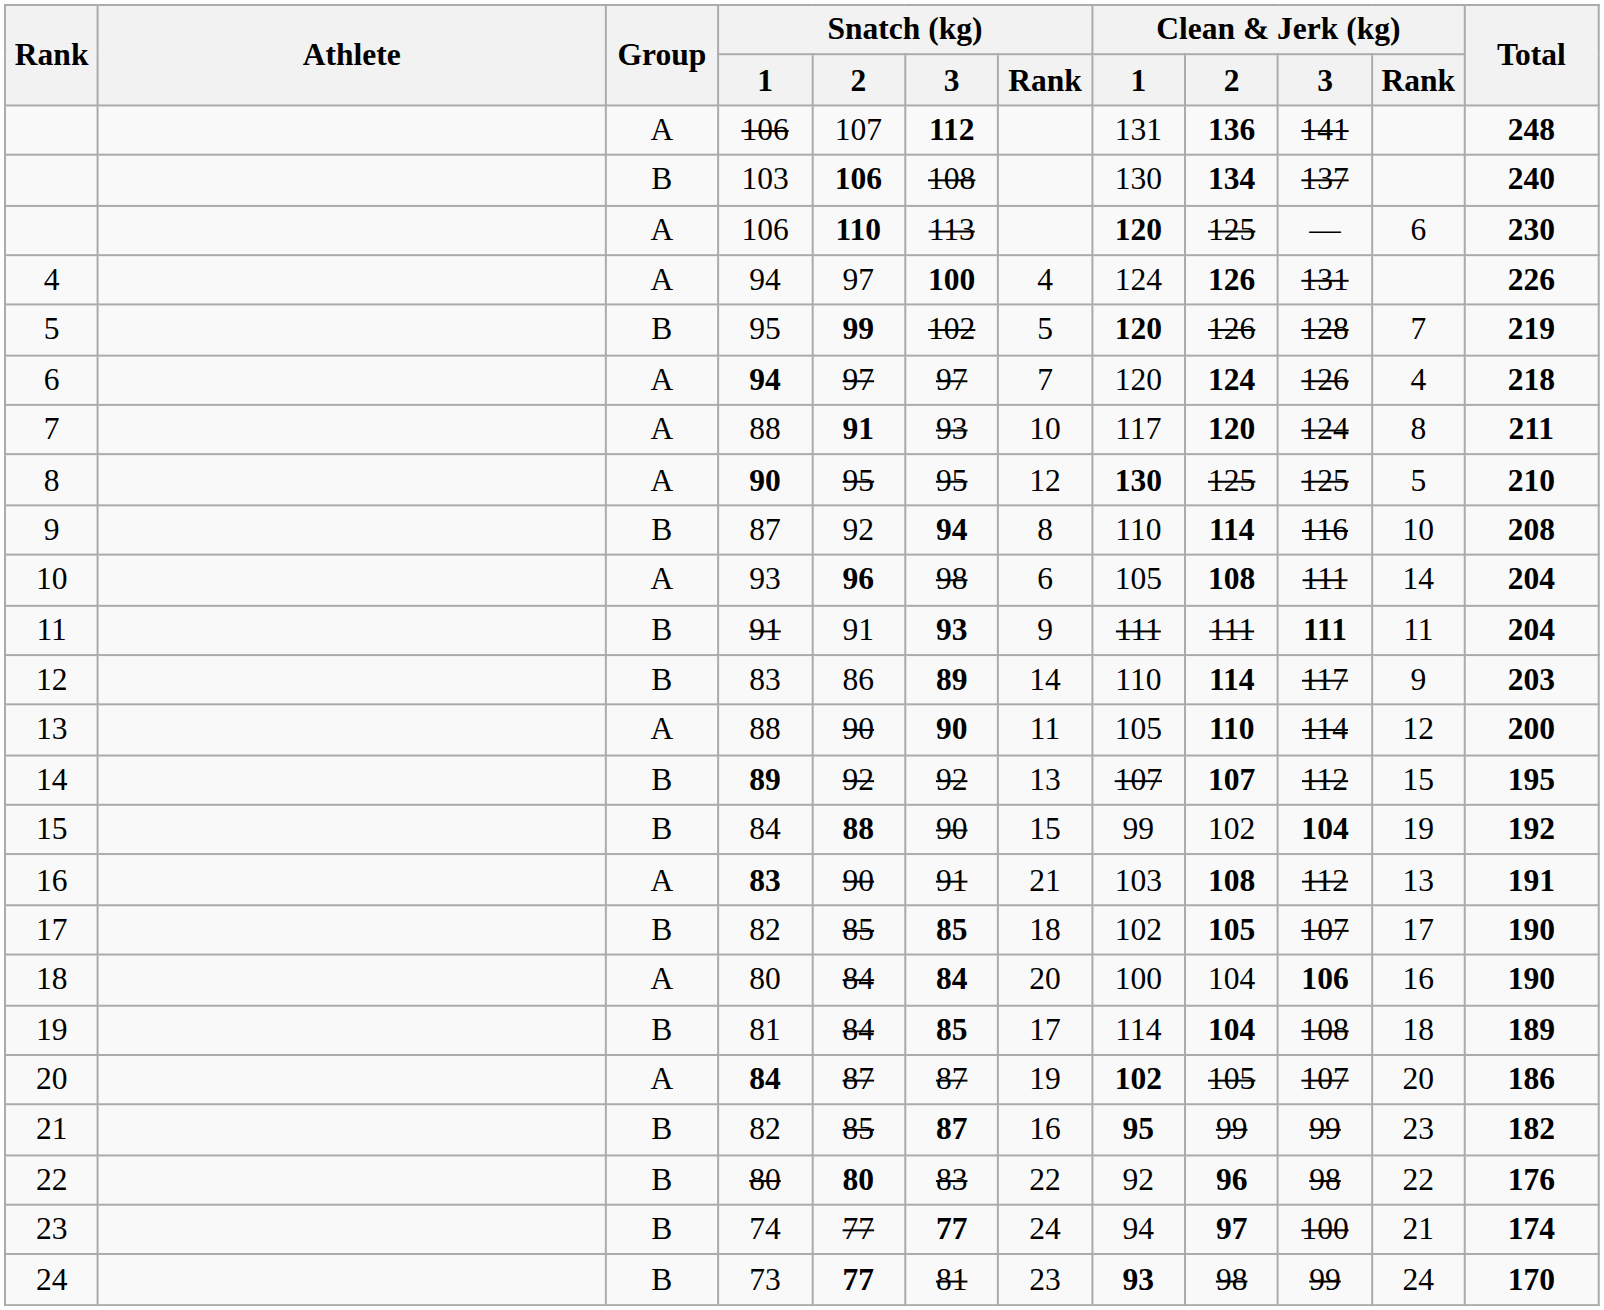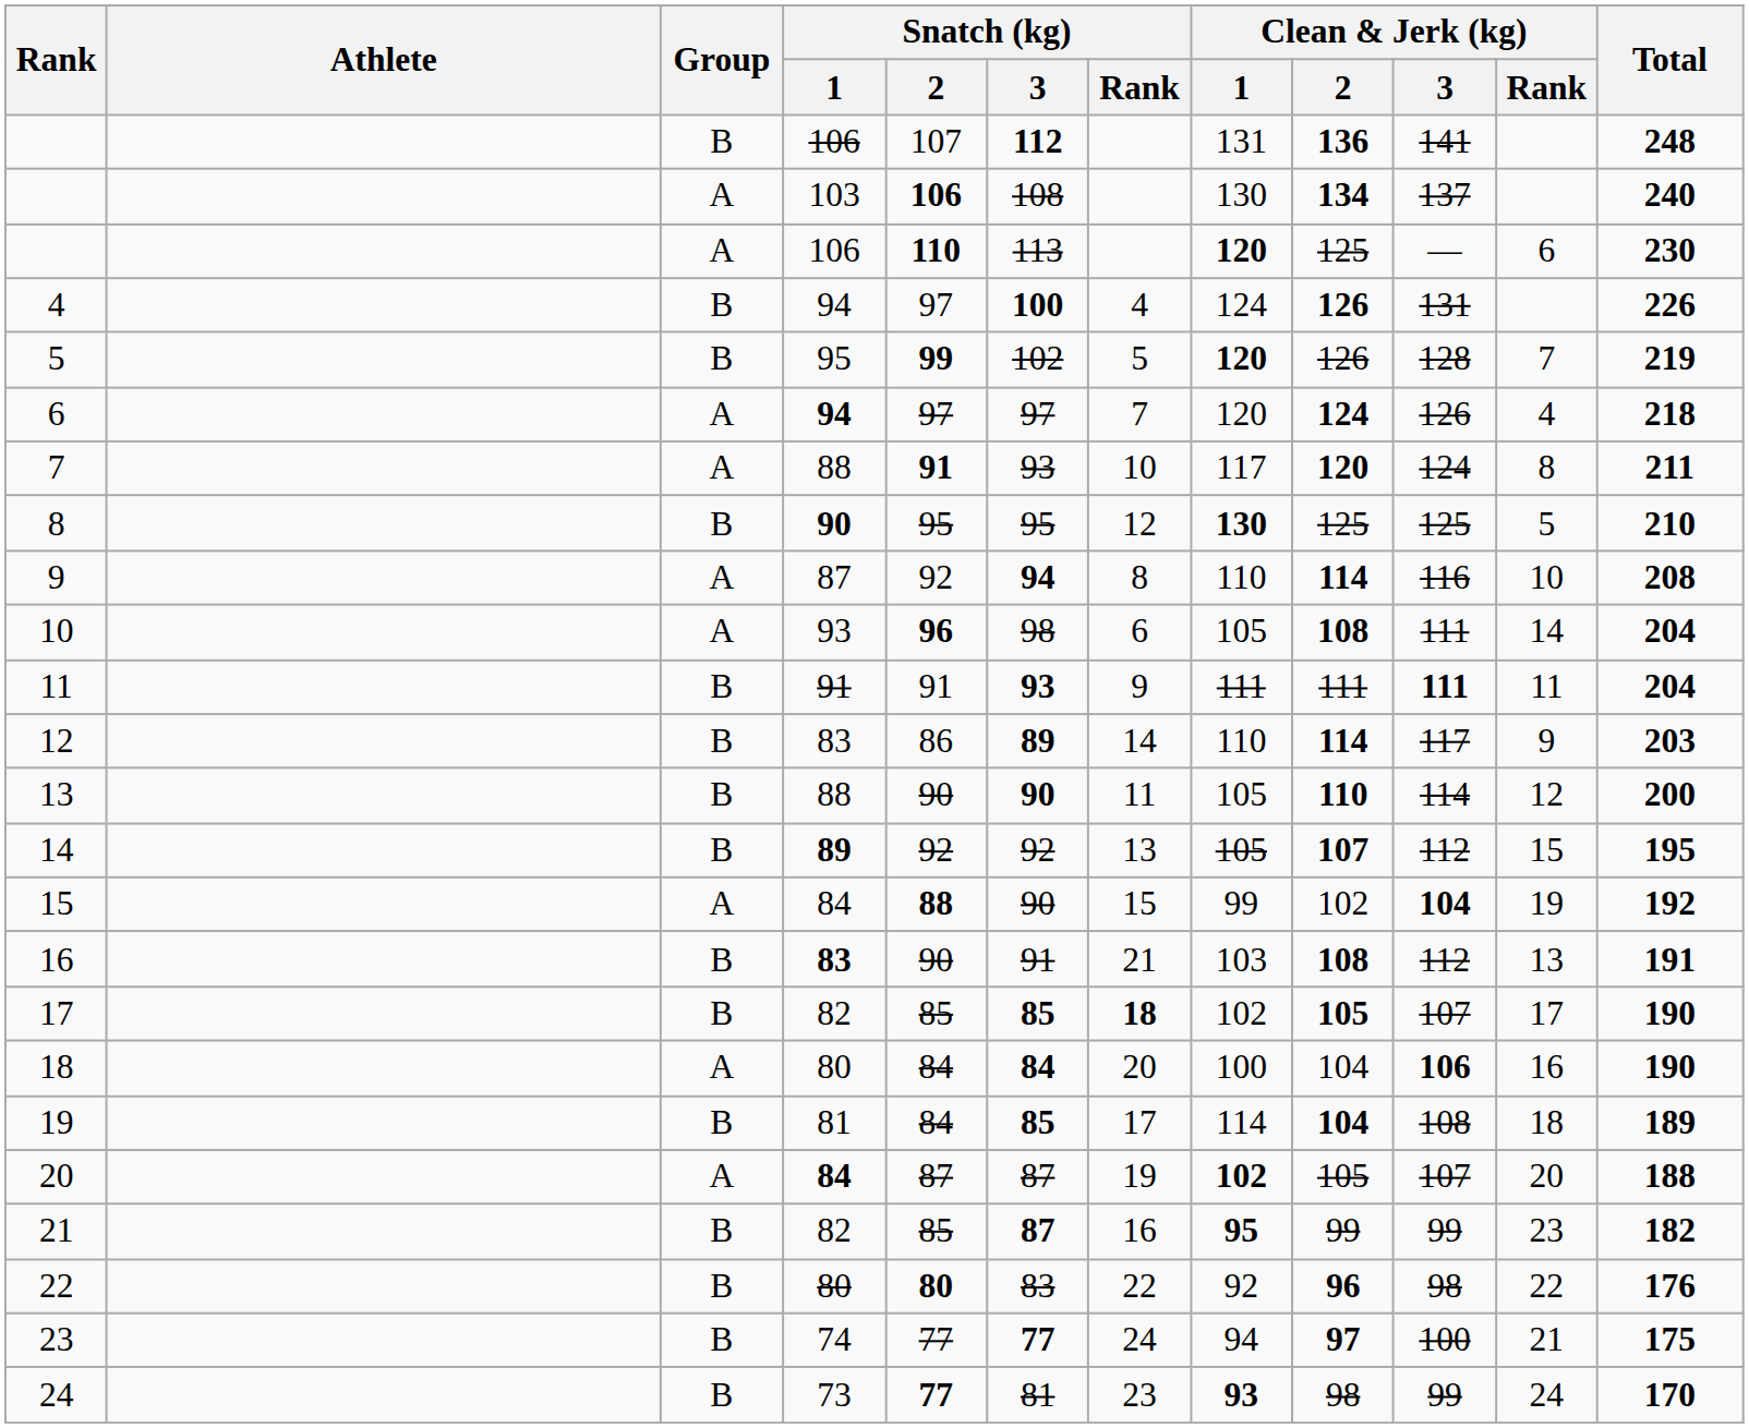 <table class = "wikitable" style="text-align:center;">
 <tr>
 <th rowspan=2 width=40>Rank</th>
 <th rowspan=2 width=250>Athlete</th>
 <th rowspan=2 width=50>Group</th>
 <th colspan=4>Snatch (kg)</th>
 <th colspan=4>Clean & Jerk (kg)</th>
 <th rowspan=2 width=60>Total</th>
 </tr>
 <tr>
 <th width=40>1</th>
 <th width=40>2</th>
 <th width=40>3</th>
 <th width=40>Rank</th>
 <th width=40>1</th>
 <th width=40>2</th>
 <th width=40>3</th>
 <th width=40>Rank</th>
 </tr>
 <tr>
 <td></td>
 <td align=left></td>
-<td>A</td>
+<td>B</td>
 <td><s>106</s></td>
 <td>107</td>
 <td><strong>112</strong></td>
 <td></td>
 <td>131</td>
 <td><strong>136</strong></td>
 <td><s>141</s></td>
 <td></td>
 <td><strong>248</strong></td>
 </tr>
 <tr>
 <td></td>
 <td align=left></td>
-<td>B</td>
+<td>A</td>
 <td>103</td>
 <td><strong>106</strong></td>
 <td><s>108</s></td>
 <td></td>
 <td>130</td>
 <td><strong>134</strong></td>
 <td><s>137</s></td>
 <td></td>
 <td><strong>240</strong></td>
 </tr>
 <tr>
 <td></td>
 <td align=left></td>
 <td>A</td>
 <td>106</td>
 <td><strong>110</strong></td>
 <td><s>113</s></td>
 <td></td>
 <td><strong>120</strong></td>
 <td><s>125</s></td>
 <td>—</td>
 <td>6</td>
 <td><strong>230</strong></td>
 </tr>
 <tr>
 <td>4</td>
 <td align=left></td>
-<td>A</td>
+<td>B</td>
 <td>94</td>
 <td>97</td>
 <td><strong>100</strong></td>
 <td>4</td>
 <td>124</td>
 <td><strong>126</strong></td>
 <td><s>131</s></td>
 <td></td>
 <td><strong>226</strong></td>
 </tr>
 <tr>
 <td>5</td>
 <td align=left></td>
 <td>B</td>
 <td>95</td>
 <td><strong>99</strong></td>
 <td><s>102</s></td>
 <td>5</td>
 <td><strong>120</strong></td>
 <td><s>126</s></td>
 <td><s>128</s></td>
 <td>7</td>
 <td><strong>219</strong></td>
 </tr>
 <tr>
 <td>6</td>
 <td align=left></td>
 <td>A</td>
 <td><strong>94</strong></td>
 <td><s>97</s></td>
 <td><s>97</s></td>
 <td>7</td>
 <td>120</td>
 <td><strong>124</strong></td>
 <td><s>126</s></td>
 <td>4</td>
 <td><strong>218</strong></td>
 </tr>
 <tr>
 <td>7</td>
 <td align=left></td>
 <td>A</td>
 <td>88</td>
 <td><strong>91</strong></td>
 <td><s>93</s></td>
 <td>10</td>
 <td>117</td>
 <td><strong>120</strong></td>
 <td><s>124</s></td>
 <td>8</td>
 <td><strong>211</strong></td>
 </tr>
 <tr>
 <td>8</td>
 <td align=left></td>
-<td>A</td>
+<td>B</td>
 <td><strong>90</strong></td>
 <td><s>95</s></td>
 <td><s>95</s></td>
 <td>12</td>
 <td><strong>130</strong></td>
 <td><s>125</s></td>
 <td><s>125</s></td>
 <td>5</td>
 <td><strong>210</strong></td>
 </tr>
 <tr>
 <td>9</td>
 <td align=left></td>
-<td>B</td>
+<td>A</td>
 <td>87</td>
 <td>92</td>
 <td><strong>94</strong></td>
 <td>8</td>
 <td>110</td>
 <td><strong>114</strong></td>
 <td><s>116</s></td>
 <td>10</td>
 <td><strong>208</strong></td>
 </tr>
 <tr>
 <td>10</td>
 <td align=left></td>
 <td>A</td>
 <td>93</td>
 <td><strong>96</strong></td>
 <td><s>98</s></td>
 <td>6</td>
 <td>105</td>
 <td><strong>108</strong></td>
 <td><s>111</s></td>
 <td>14</td>
 <td><strong>204</strong></td>
 </tr>
 <tr>
 <td>11</td>
 <td align=left></td>
 <td>B</td>
 <td><s>91</s></td>
 <td>91</td>
 <td><strong>93</strong></td>
 <td>9</td>
 <td><s>111</s></td>
 <td><s>111</s></td>
 <td><strong>111</strong></td>
 <td>11</td>
 <td><strong>204</strong></td>
 </tr>
 <tr>
 <td>12</td>
 <td align=left></td>
 <td>B</td>
 <td>83</td>
 <td>86</td>
 <td><strong>89</strong></td>
 <td>14</td>
 <td>110</td>
 <td><strong>114</strong></td>
 <td><s>117</s></td>
 <td>9</td>
 <td><strong>203</strong></td>
 </tr>
 <tr>
 <td>13</td>
 <td align=left></td>
-<td>A</td>
+<td>B</td>
 <td>88</td>
 <td><s>90</s></td>
 <td><strong>90</strong></td>
 <td>11</td>
 <td>105</td>
 <td><strong>110</strong></td>
 <td><s>114</s></td>
 <td>12</td>
 <td><strong>200</strong></td>
 </tr>
 <tr>
 <td>14</td>
 <td align=left></td>
 <td>B</td>
 <td><strong>89</strong></td>
 <td><s>92</s></td>
 <td><s>92</s></td>
 <td>13</td>
-<td><s>107</s></td>
+<td><s>105</s></td>
 <td><strong>107</strong></td>
 <td><s>112</s></td>
 <td>15</td>
 <td><strong>195</strong></td>
 </tr>
 <tr>
 <td>15</td>
 <td align=left></td>
-<td>B</td>
+<td>A</td>
 <td>84</td>
 <td><strong>88</strong></td>
 <td><s>90</s></td>
 <td>15</td>
 <td>99</td>
 <td>102</td>
 <td><strong>104</strong></td>
 <td>19</td>
 <td><strong>192</strong></td>
 </tr>
 <tr>
 <td>16</td>
 <td align=left></td>
-<td>A</td>
+<td>B</td>
 <td><strong>83</strong></td>
 <td><s>90</s></td>
 <td><s>91</s></td>
 <td>21</td>
 <td>103</td>
 <td><strong>108</strong></td>
 <td><s>112</s></td>
 <td>13</td>
 <td><strong>191</strong></td>
 </tr>
 <tr>
 <td>17</td>
 <td align=left></td>
 <td>B</td>
 <td>82</td>
 <td><s>85</s></td>
 <td><strong>85</strong></td>
-<td>18</td>
+<td><strong>18</strong></td>
 <td>102</td>
 <td><strong>105</strong></td>
 <td><s>107</s></td>
 <td>17</td>
 <td><strong>190</strong></td>
 </tr>
 <tr>
 <td>18</td>
 <td align=left></td>
 <td>A</td>
 <td>80</td>
 <td><s>84</s></td>
 <td><strong>84</strong></td>
 <td>20</td>
 <td>100</td>
 <td>104</td>
 <td><strong>106</strong></td>
 <td>16</td>
 <td><strong>190</strong></td>
 </tr>
 <tr>
 <td>19</td>
 <td align=left></td>
 <td>B</td>
 <td>81</td>
 <td><s>84</s></td>
 <td><strong>85</strong></td>
 <td>17</td>
 <td>114</td>
 <td><strong>104</strong></td>
 <td><s>108</s></td>
 <td>18</td>
 <td><strong>189</strong></td>
 </tr>
 <tr>
 <td>20</td>
 <td align=left></td>
 <td>A</td>
 <td><strong>84</strong></td>
 <td><s>87</s></td>
 <td><s>87</s></td>
 <td>19</td>
 <td><strong>102</strong></td>
 <td><s>105</s></td>
 <td><s>107</s></td>
 <td>20</td>
-<td><strong>186</strong></td>
+<td><strong>188</strong></td>
 </tr>
 <tr>
 <td>21</td>
 <td align=left></td>
 <td>B</td>
 <td>82</td>
 <td><s>85</s></td>
 <td><strong>87</strong></td>
 <td>16</td>
 <td><strong>95</strong></td>
 <td><s>99</s></td>
 <td><s>99</s></td>
 <td>23</td>
 <td><strong>182</strong></td>
 </tr>
 <tr>
 <td>22</td>
 <td align=left></td>
 <td>B</td>
 <td><s>80</s></td>
 <td><strong>80</strong></td>
 <td><s>83</s></td>
 <td>22</td>
 <td>92</td>
 <td><strong>96</strong></td>
 <td><s>98</s></td>
 <td>22</td>
 <td><strong>176</strong></td>
 </tr>
 <tr>
 <td>23</td>
 <td align=left></td>
 <td>B</td>
 <td>74</td>
 <td><s>77</s></td>
 <td><strong>77</strong></td>
 <td>24</td>
 <td>94</td>
 <td><strong>97</strong></td>
 <td><s>100</s></td>
 <td>21</td>
-<td><strong>174</strong></td>
+<td><strong>175</strong></td>
 </tr>
 <tr>
 <td>24</td>
 <td align=left></td>
 <td>B</td>
 <td>73</td>
 <td><strong>77</strong></td>
 <td><s>81</s></td>
 <td>23</td>
 <td><strong>93</strong></td>
 <td><s>98</s></td>
 <td><s>99</s></td>
 <td>24</td>
 <td><strong>170</strong></td>
 </tr>
 </table>
